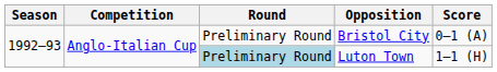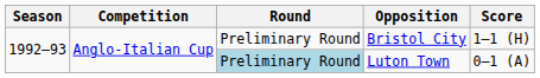 <table class="wikitable">
 <tr>
 <th>Season</th>
 <th>Competition</th>
 <th>Round</th>
 <th>Opposition</th>
 <th>Score</th>
 </tr>
 <tr>
 <td rowspan="2">1992–93</td>
 <td rowspan="2"><a href='#'>Anglo-Italian Cup</a></td>
 <td>Preliminary Round</td>
 <td> <a href='#'>Bristol City</a></td>
-<td>0–1 (A)</td>
+<td>1–1 (H)</td>
 </tr>
 <tr>
 <td style="background: lightblue;">Preliminary Round</td>
 <td> <a href='#'>Luton Town</a></td>
-<td>1–1 (H)</td>
+<td>0–1 (A)</td>
 </tr>
 </table>
